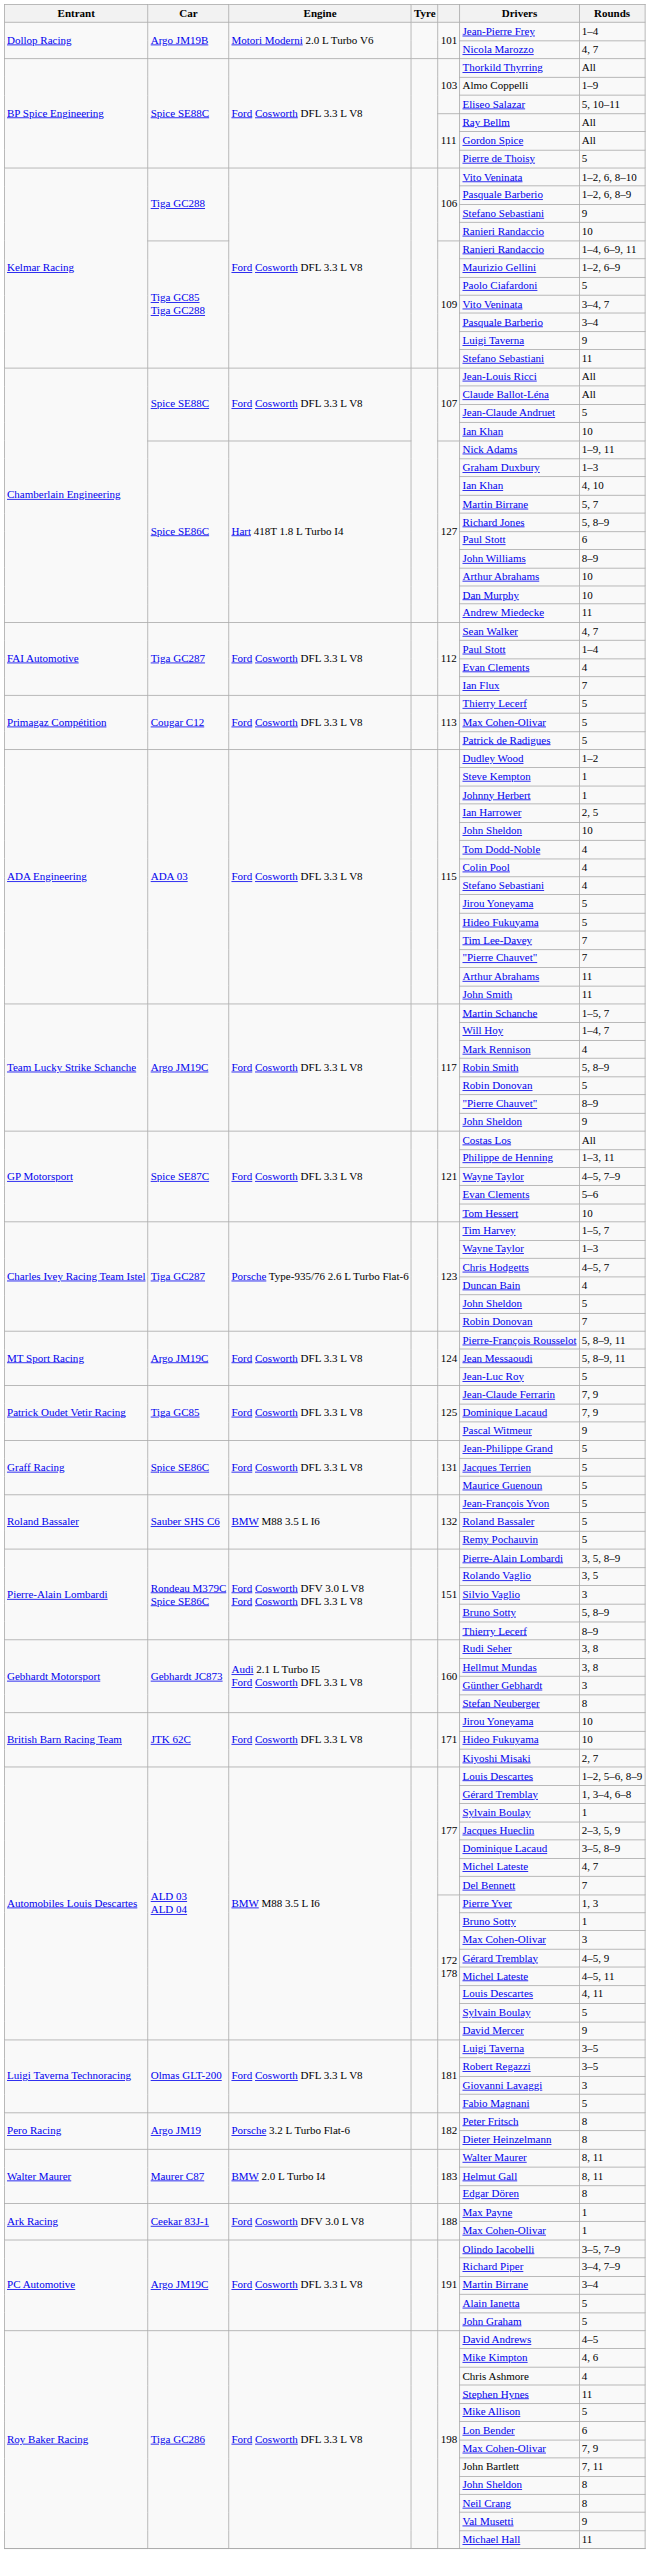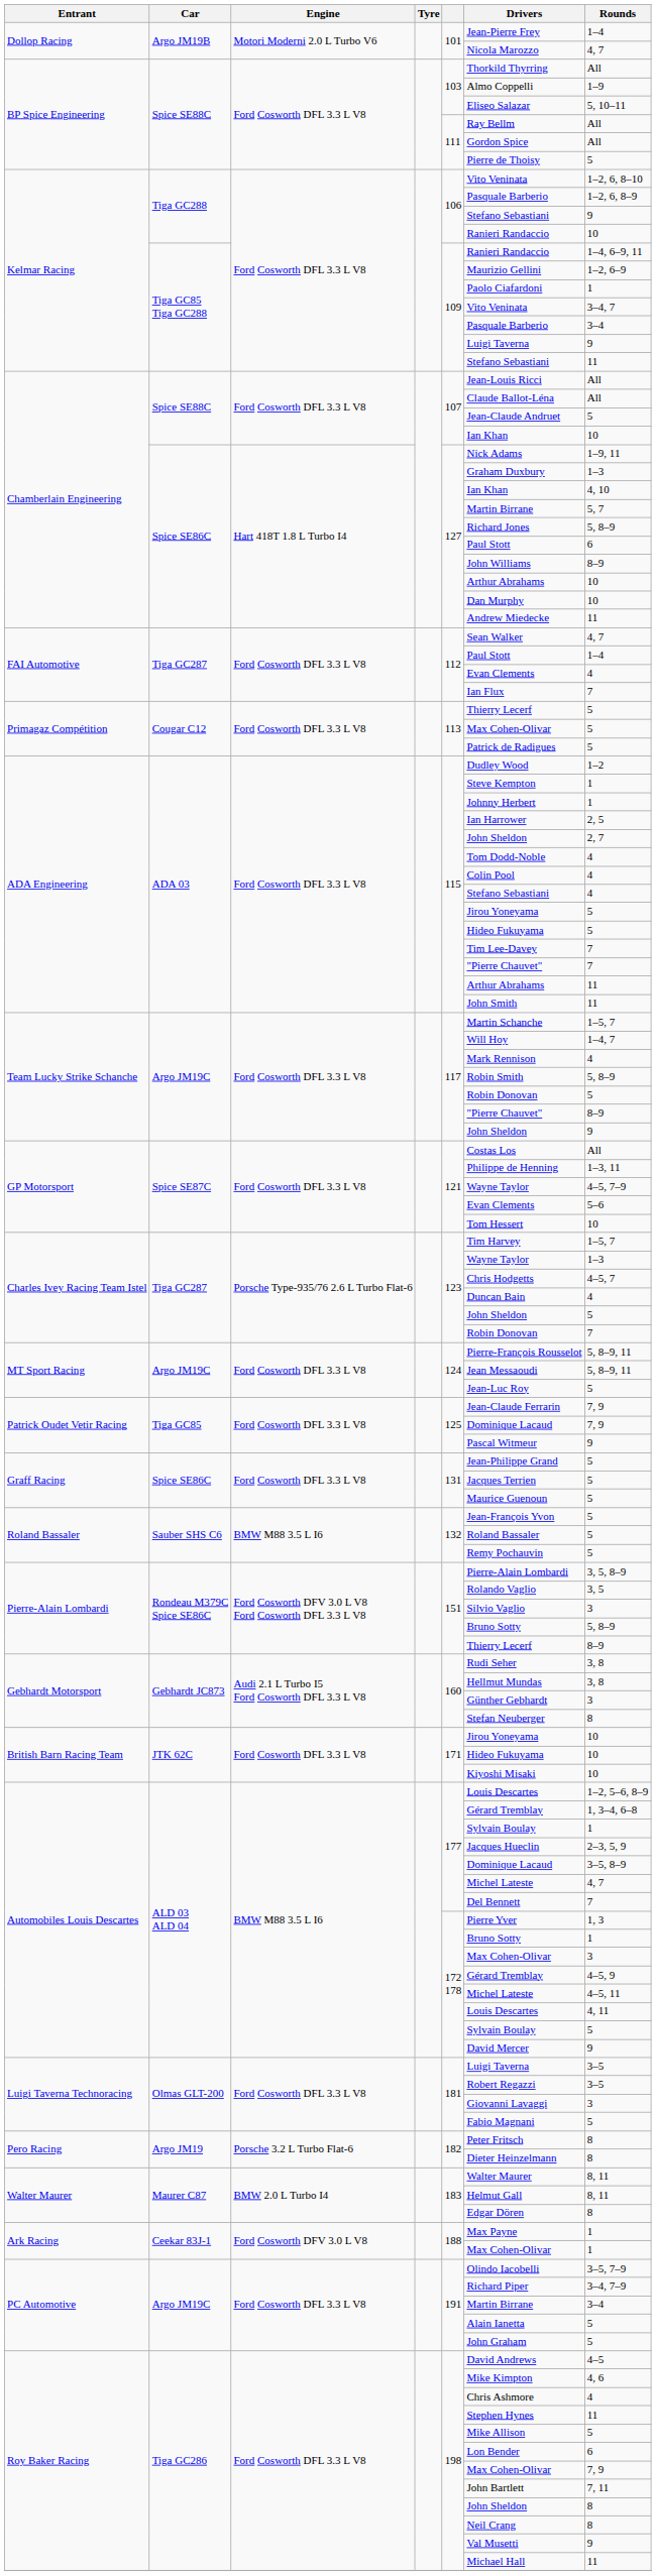 <table class="wikitable" style="font-size: 85%">
 <tr>
 <th>Entrant</th>
 <th>Car</th>
 <th>Engine</th>
 <th>Tyre</th>
 <th></th>
 <th>Drivers</th>
 <th>Rounds</th>
 </tr>
 <tr>
 <td rowspan=2> <a href='#'>Dollop Racing</a></td>
 <td rowspan=2><a href='#'>Argo JM19B</a></td>
 <td rowspan=2><a href='#'>Motori Moderni</a> 2.0 L Turbo V6</td>
 <td rowspan=2></td>
 <td rowspan=2>101</td>
 <td> <a href='#'>Jean-Pierre Frey</a></td>
 <td>1–4</td>
 </tr>
 <tr>
 <td> <a href='#'>Nicola Marozzo</a></td>
 <td>4, 7</td>
 </tr>
 <tr>
 <td rowspan=6> <a href='#'>BP Spice Engineering</a></td>
 <td rowspan=6><a href='#'>Spice SE88C</a></td>
 <td rowspan=6><a href='#'>Ford</a> <a href='#'>Cosworth</a> DFL 3.3 L V8</td>
 <td rowspan=6><br></td>
 <td rowspan=3>103</td>
 <td> <a href='#'>Thorkild Thyrring</a></td>
 <td>All</td>
 </tr>
 <tr>
 <td> Almo Coppelli</td>
 <td>1–9</td>
 </tr>
 <tr>
 <td> <a href='#'>Eliseo Salazar</a></td>
 <td>5, 10–11</td>
 </tr>
 <tr>
 <td rowspan=3>111</td>
 <td> <a href='#'>Ray Bellm</a></td>
 <td>All</td>
 </tr>
 <tr>
 <td> <a href='#'>Gordon Spice</a></td>
 <td>All</td>
 </tr>
 <tr>
 <td> <a href='#'>Pierre de Thoisy</a></td>
 <td>5</td>
 </tr>
 <tr>
 <td rowspan=11> <a href='#'>Kelmar Racing</a></td>
 <td rowspan=4><a href='#'>Tiga GC288</a></td>
 <td rowspan=11><a href='#'>Ford</a> <a href='#'>Cosworth</a> DFL 3.3 L V8</td>
 <td rowspan=11><br></td>
 <td rowspan=4>106</td>
 <td> <a href='#'>Vito Veninata</a></td>
 <td>1–2, 6, 8–10</td>
 </tr>
 <tr>
 <td> <a href='#'>Pasquale Barberio</a></td>
 <td>1–2, 6, 8–9</td>
 </tr>
 <tr>
 <td> <a href='#'>Stefano Sebastiani</a></td>
 <td>9</td>
 </tr>
 <tr>
 <td> <a href='#'>Ranieri Randaccio</a></td>
 <td>10</td>
 </tr>
 <tr>
 <td rowspan=7><a href='#'>Tiga GC85</a><br><a href='#'>Tiga GC288</a></td>
 <td rowspan=7>109</td>
 <td> <a href='#'>Ranieri Randaccio</a></td>
 <td>1–4, 6–9, 11</td>
 </tr>
 <tr>
 <td> <a href='#'>Maurizio Gellini</a></td>
 <td>1–2, 6–9</td>
 </tr>
 <tr>
 <td> <a href='#'>Paolo Ciafardoni</a></td>
-<td>5</td>
+<td>1</td>
 </tr>
 <tr>
 <td> <a href='#'>Vito Veninata</a></td>
 <td>3–4, 7</td>
 </tr>
 <tr>
 <td> <a href='#'>Pasquale Barberio</a></td>
 <td>3–4</td>
 </tr>
 <tr>
 <td> <a href='#'>Luigi Taverna</a></td>
 <td>9</td>
 </tr>
 <tr>
 <td> <a href='#'>Stefano Sebastiani</a></td>
 <td>11</td>
 </tr>
 <tr>
 <td rowspan=14> <a href='#'>Chamberlain Engineering</a></td>
 <td rowspan=4><a href='#'>Spice SE88C</a></td>
 <td rowspan=4><a href='#'>Ford</a> <a href='#'>Cosworth</a> DFL 3.3 L V8</td>
 <td rowspan=14><br></td>
 <td rowspan=4>107</td>
 <td> <a href='#'>Jean-Louis Ricci</a></td>
 <td>All</td>
 </tr>
 <tr>
 <td> <a href='#'>Claude Ballot-Léna</a></td>
 <td>All</td>
 </tr>
 <tr>
 <td> <a href='#'>Jean-Claude Andruet</a></td>
 <td>5</td>
 </tr>
 <tr>
 <td> <a href='#'>Ian Khan</a></td>
 <td>10</td>
 </tr>
 <tr>
 <td rowspan=10><a href='#'>Spice SE86C</a></td>
 <td rowspan=10><a href='#'>Hart</a> 418T 1.8 L Turbo I4</td>
 <td rowspan=10>127</td>
 <td> <a href='#'>Nick Adams</a></td>
 <td>1–9, 11</td>
 </tr>
 <tr>
 <td> <a href='#'>Graham Duxbury</a></td>
 <td>1–3</td>
 </tr>
 <tr>
 <td> <a href='#'>Ian Khan</a></td>
 <td>4, 10</td>
 </tr>
 <tr>
 <td> <a href='#'>Martin Birrane</a></td>
 <td>5, 7</td>
 </tr>
 <tr>
 <td> <a href='#'>Richard Jones</a></td>
 <td>5, 8–9</td>
 </tr>
 <tr>
 <td> <a href='#'>Paul Stott</a></td>
 <td>6</td>
 </tr>
 <tr>
 <td> <a href='#'>John Williams</a></td>
 <td>8–9</td>
 </tr>
 <tr>
 <td> <a href='#'>Arthur Abrahams</a></td>
 <td>10</td>
 </tr>
 <tr>
 <td> <a href='#'>Dan Murphy</a></td>
 <td>10</td>
 </tr>
 <tr>
 <td> <a href='#'>Andrew Miedecke</a></td>
 <td>11</td>
 </tr>
 <tr>
 <td rowspan=4> <a href='#'>FAI Automotive</a></td>
 <td rowspan=4><a href='#'>Tiga GC287</a></td>
 <td rowspan=4><a href='#'>Ford</a> <a href='#'>Cosworth</a> DFL 3.3 L V8</td>
 <td rowspan=4><br></td>
 <td rowspan=4>112</td>
 <td> <a href='#'>Sean Walker</a></td>
 <td>4, 7</td>
 </tr>
 <tr>
 <td> <a href='#'>Paul Stott</a></td>
 <td>1–4</td>
 </tr>
 <tr>
 <td> <a href='#'>Evan Clements</a></td>
 <td>4</td>
 </tr>
 <tr>
 <td> <a href='#'>Ian Flux</a></td>
 <td>7</td>
 </tr>
 <tr>
 <td rowspan=3> <a href='#'>Primagaz Compétition</a></td>
 <td rowspan=3><a href='#'>Cougar C12</a></td>
 <td rowspan=3><a href='#'>Ford</a> <a href='#'>Cosworth</a> DFL 3.3 L V8</td>
 <td rowspan=3></td>
 <td rowspan=3>113</td>
 <td> <a href='#'>Thierry Lecerf</a></td>
 <td>5</td>
 </tr>
 <tr>
 <td> <a href='#'>Max Cohen-Olivar</a></td>
 <td>5</td>
 </tr>
 <tr>
 <td> <a href='#'>Patrick de Radigues</a></td>
 <td>5</td>
 </tr>
 <tr>
 <td rowspan=14> <a href='#'>ADA Engineering</a></td>
 <td rowspan=14><a href='#'>ADA 03</a></td>
 <td rowspan=14><a href='#'>Ford</a> <a href='#'>Cosworth</a> DFL 3.3 L V8</td>
 <td rowspan=14></td>
 <td rowspan=14>115</td>
 <td> <a href='#'>Dudley Wood</a></td>
 <td>1–2</td>
 </tr>
 <tr>
 <td> <a href='#'>Steve Kempton</a></td>
 <td>1</td>
 </tr>
 <tr>
 <td> <a href='#'>Johnny Herbert</a></td>
 <td>1</td>
 </tr>
 <tr>
 <td> <a href='#'>Ian Harrower</a></td>
 <td>2, 5</td>
 </tr>
 <tr>
 <td> <a href='#'>John Sheldon</a></td>
-<td>10</td>
+<td>2, 7</td>
 </tr>
 <tr>
 <td> <a href='#'>Tom Dodd-Noble</a></td>
 <td>4</td>
 </tr>
 <tr>
 <td> <a href='#'>Colin Pool</a></td>
 <td>4</td>
 </tr>
 <tr>
 <td> <a href='#'>Stefano Sebastiani</a></td>
 <td>4</td>
 </tr>
 <tr>
 <td> <a href='#'>Jirou Yoneyama</a></td>
 <td>5</td>
 </tr>
 <tr>
 <td> <a href='#'>Hideo Fukuyama</a></td>
 <td>5</td>
 </tr>
 <tr>
 <td> <a href='#'>Tim Lee-Davey</a></td>
 <td>7</td>
 </tr>
 <tr>
 <td> <a href='#'>"Pierre Chauvet"</a></td>
 <td>7</td>
 </tr>
 <tr>
 <td> <a href='#'>Arthur Abrahams</a></td>
 <td>11</td>
 </tr>
 <tr>
 <td> <a href='#'>John Smith</a></td>
 <td>11</td>
 </tr>
 <tr>
 <td rowspan=7> <a href='#'>Team Lucky Strike Schanche</a></td>
 <td rowspan=7><a href='#'>Argo JM19C</a></td>
 <td rowspan=7><a href='#'>Ford</a> <a href='#'>Cosworth</a> DFL 3.3 L V8</td>
 <td rowspan=7></td>
 <td rowspan=7>117</td>
 <td> <a href='#'>Martin Schanche</a></td>
 <td>1–5, 7</td>
 </tr>
 <tr>
 <td> <a href='#'>Will Hoy</a></td>
 <td>1–4, 7</td>
 </tr>
 <tr>
 <td> <a href='#'>Mark Rennison</a></td>
 <td>4</td>
 </tr>
 <tr>
 <td> <a href='#'>Robin Smith</a></td>
 <td>5, 8–9</td>
 </tr>
 <tr>
 <td> <a href='#'>Robin Donovan</a></td>
 <td>5</td>
 </tr>
 <tr>
 <td> <a href='#'>"Pierre Chauvet"</a></td>
 <td>8–9</td>
 </tr>
 <tr>
 <td> <a href='#'>John Sheldon</a></td>
 <td>9</td>
 </tr>
 <tr>
 <td rowspan=5> <a href='#'>GP Motorsport</a></td>
 <td rowspan=5><a href='#'>Spice SE87C</a></td>
 <td rowspan=5><a href='#'>Ford</a> <a href='#'>Cosworth</a> DFL 3.3 L V8</td>
 <td rowspan=5></td>
 <td rowspan=5>121</td>
 <td> <a href='#'>Costas Los</a></td>
 <td>All</td>
 </tr>
 <tr>
 <td> <a href='#'>Philippe de Henning</a></td>
 <td>1–3, 11</td>
 </tr>
 <tr>
 <td> <a href='#'>Wayne Taylor</a></td>
 <td>4–5, 7–9</td>
 </tr>
 <tr>
 <td> <a href='#'>Evan Clements</a></td>
 <td>5–6</td>
 </tr>
 <tr>
 <td> <a href='#'>Tom Hessert</a></td>
 <td>10</td>
 </tr>
 <tr>
 <td rowspan=6> <a href='#'>Charles Ivey Racing Team Istel</a></td>
 <td rowspan=6><a href='#'>Tiga GC287</a></td>
 <td rowspan=6><a href='#'>Porsche</a> Type-935/76 2.6 L Turbo Flat-6</td>
 <td rowspan=6><br></td>
 <td rowspan=6>123</td>
 <td> <a href='#'>Tim Harvey</a></td>
 <td>1–5, 7</td>
 </tr>
 <tr>
 <td> <a href='#'>Wayne Taylor</a></td>
 <td>1–3</td>
 </tr>
 <tr>
 <td> <a href='#'>Chris Hodgetts</a></td>
 <td>4–5, 7</td>
 </tr>
 <tr>
 <td> <a href='#'>Duncan Bain</a></td>
 <td>4</td>
 </tr>
 <tr>
 <td> <a href='#'>John Sheldon</a></td>
 <td>5</td>
 </tr>
 <tr>
 <td> <a href='#'>Robin Donovan</a></td>
 <td>7</td>
 </tr>
 <tr>
 <td rowspan=3> <a href='#'>MT Sport Racing</a></td>
 <td rowspan=3><a href='#'>Argo JM19C</a></td>
 <td rowspan=3><a href='#'>Ford</a> <a href='#'>Cosworth</a> DFL 3.3 L V8</td>
 <td rowspan=3></td>
 <td rowspan=3>124</td>
 <td> <a href='#'>Pierre-François Rousselot</a></td>
 <td>5, 8–9, 11</td>
 </tr>
 <tr>
 <td> <a href='#'>Jean Messaoudi</a></td>
 <td>5, 8–9, 11</td>
 </tr>
 <tr>
 <td> <a href='#'>Jean-Luc Roy</a></td>
 <td>5</td>
 </tr>
 <tr>
 <td rowspan=3> <a href='#'>Patrick Oudet Vetir Racing</a></td>
 <td rowspan=3><a href='#'>Tiga GC85</a></td>
 <td rowspan=3><a href='#'>Ford</a> <a href='#'>Cosworth</a> DFL 3.3 L V8</td>
 <td rowspan=3></td>
 <td rowspan=3>125</td>
 <td> <a href='#'>Jean-Claude Ferrarin</a></td>
 <td>7, 9</td>
 </tr>
 <tr>
 <td> <a href='#'>Dominique Lacaud</a></td>
 <td>7, 9</td>
 </tr>
 <tr>
 <td> <a href='#'>Pascal Witmeur</a></td>
 <td>9</td>
 </tr>
 <tr>
 <td rowspan=3> <a href='#'>Graff Racing</a></td>
 <td rowspan=3><a href='#'>Spice SE86C</a></td>
 <td rowspan=3><a href='#'>Ford</a> <a href='#'>Cosworth</a> DFL 3.3 L V8</td>
 <td rowspan=3></td>
 <td rowspan=3>131</td>
 <td> <a href='#'>Jean-Philippe Grand</a></td>
 <td>5</td>
 </tr>
 <tr>
 <td> <a href='#'>Jacques Terrien</a></td>
 <td>5</td>
 </tr>
 <tr>
 <td> <a href='#'>Maurice Guenoun</a></td>
 <td>5</td>
 </tr>
 <tr>
 <td rowspan=3> <a href='#'>Roland Bassaler</a></td>
 <td rowspan=3><a href='#'>Sauber SHS C6</a></td>
 <td rowspan=3><a href='#'>BMW</a> M88 3.5 L I6</td>
 <td rowspan=3></td>
 <td rowspan=3>132</td>
 <td> <a href='#'>Jean-François Yvon</a></td>
 <td>5</td>
 </tr>
 <tr>
 <td> <a href='#'>Roland Bassaler</a></td>
 <td>5</td>
 </tr>
 <tr>
 <td> <a href='#'>Remy Pochauvin</a></td>
 <td>5</td>
 </tr>
 <tr>
 <td rowspan=5> <a href='#'>Pierre-Alain Lombardi</a></td>
 <td rowspan=5><a href='#'>Rondeau M379C</a><br><a href='#'>Spice SE86C</a></td>
 <td rowspan=5><a href='#'>Ford</a> <a href='#'>Cosworth</a> DFV 3.0 L V8<br><a href='#'>Ford</a> <a href='#'>Cosworth</a> DFL 3.3 L V8</td>
 <td rowspan=5></td>
 <td rowspan=5>151</td>
 <td> <a href='#'>Pierre-Alain Lombardi</a></td>
 <td>3, 5, 8–9</td>
 </tr>
 <tr>
 <td> <a href='#'>Rolando Vaglio</a></td>
 <td>3, 5</td>
 </tr>
 <tr>
 <td> <a href='#'>Silvio Vaglio</a></td>
 <td>3</td>
 </tr>
 <tr>
 <td> <a href='#'>Bruno Sotty</a></td>
 <td>5, 8–9</td>
 </tr>
 <tr>
 <td> <a href='#'>Thierry Lecerf</a></td>
 <td>8–9</td>
 </tr>
 <tr>
 <td rowspan=4> <a href='#'>Gebhardt Motorsport</a></td>
 <td rowspan=4><a href='#'>Gebhardt JC873</a></td>
 <td rowspan=4><a href='#'>Audi</a> 2.1 L Turbo I5<br><a href='#'>Ford</a> <a href='#'>Cosworth</a> DFL 3.3 L V8</td>
 <td rowspan=4></td>
 <td rowspan=4>160</td>
 <td> <a href='#'>Rudi Seher</a></td>
 <td>3, 8</td>
 </tr>
 <tr>
 <td> <a href='#'>Hellmut Mundas</a></td>
 <td>3, 8</td>
 </tr>
 <tr>
 <td> <a href='#'>Günther Gebhardt</a></td>
 <td>3</td>
 </tr>
 <tr>
 <td> <a href='#'>Stefan Neuberger</a></td>
 <td>8</td>
 </tr>
 <tr>
 <td rowspan=3> <a href='#'>British Barn Racing Team</a></td>
 <td rowspan=3><a href='#'>JTK 62C</a></td>
 <td rowspan=3><a href='#'>Ford</a> <a href='#'>Cosworth</a> DFL 3.3 L V8</td>
 <td rowspan=3></td>
 <td rowspan=3>171</td>
 <td> <a href='#'>Jirou Yoneyama</a></td>
 <td>10</td>
 </tr>
 <tr>
 <td> <a href='#'>Hideo Fukuyama</a></td>
 <td>10</td>
 </tr>
 <tr>
 <td> <a href='#'>Kiyoshi Misaki</a></td>
-<td>2, 7</td>
+<td>10</td>
 </tr>
 <tr>
 <td rowspan=15> <a href='#'>Automobiles Louis Descartes</a></td>
 <td rowspan=15><a href='#'>ALD 03</a><br><a href='#'>ALD 04</a></td>
 <td rowspan=15><a href='#'>BMW</a> M88 3.5 L I6</td>
 <td rowspan=15></td>
 <td rowspan=7>177</td>
 <td> <a href='#'>Louis Descartes</a></td>
 <td>1–2, 5–6, 8–9</td>
 </tr>
 <tr>
 <td> <a href='#'>Gérard Tremblay</a></td>
 <td>1, 3–4, 6–8</td>
 </tr>
 <tr>
 <td> <a href='#'>Sylvain Boulay</a></td>
 <td>1</td>
 </tr>
 <tr>
 <td> <a href='#'>Jacques Hueclin</a></td>
 <td>2–3, 5, 9</td>
 </tr>
 <tr>
 <td> <a href='#'>Dominique Lacaud</a></td>
 <td>3–5, 8–9</td>
 </tr>
 <tr>
 <td> <a href='#'>Michel Lateste</a></td>
 <td>4, 7</td>
 </tr>
 <tr>
 <td> <a href='#'>Del Bennett</a></td>
 <td>7</td>
 </tr>
 <tr>
 <td rowspan=8>172<br>178</td>
 <td> <a href='#'>Pierre Yver</a></td>
 <td>1, 3</td>
 </tr>
 <tr>
 <td> <a href='#'>Bruno Sotty</a></td>
 <td>1</td>
 </tr>
 <tr>
 <td> <a href='#'>Max Cohen-Olivar</a></td>
 <td>3</td>
 </tr>
 <tr>
 <td> <a href='#'>Gérard Tremblay</a></td>
 <td>4–5, 9</td>
 </tr>
 <tr>
 <td> <a href='#'>Michel Lateste</a></td>
 <td>4–5, 11</td>
 </tr>
 <tr>
 <td> <a href='#'>Louis Descartes</a></td>
 <td>4, 11</td>
 </tr>
 <tr>
 <td> <a href='#'>Sylvain Boulay</a></td>
 <td>5</td>
 </tr>
 <tr>
 <td> <a href='#'>David Mercer</a></td>
 <td>9</td>
 </tr>
 <tr>
 <td rowspan=4> <a href='#'>Luigi Taverna Technoracing</a></td>
 <td rowspan=4><a href='#'>Olmas GLT-200</a></td>
 <td rowspan=4><a href='#'>Ford</a> <a href='#'>Cosworth</a> DFL 3.3 L V8</td>
 <td rowspan=4></td>
 <td rowspan=4>181</td>
 <td> <a href='#'>Luigi Taverna</a></td>
 <td>3–5</td>
 </tr>
 <tr>
 <td> <a href='#'>Robert Regazzi</a></td>
 <td>3–5</td>
 </tr>
 <tr>
 <td> <a href='#'>Giovanni Lavaggi</a></td>
 <td>3</td>
 </tr>
 <tr>
 <td> <a href='#'>Fabio Magnani</a></td>
 <td>5</td>
 </tr>
 <tr>
 <td rowspan=2> <a href='#'>Pero Racing</a></td>
 <td rowspan=2><a href='#'>Argo JM19</a></td>
 <td rowspan=2><a href='#'>Porsche</a> 3.2 L Turbo Flat-6</td>
 <td rowspan=2></td>
 <td rowspan=2>182</td>
 <td> <a href='#'>Peter Fritsch</a></td>
 <td>8</td>
 </tr>
 <tr>
 <td> <a href='#'>Dieter Heinzelmann</a></td>
 <td>8</td>
 </tr>
 <tr>
 <td rowspan=3> <a href='#'>Walter Maurer</a></td>
 <td rowspan=3><a href='#'>Maurer C87</a></td>
 <td rowspan=3><a href='#'>BMW</a> 2.0 L Turbo I4</td>
 <td rowspan=3></td>
 <td rowspan=3>183</td>
 <td> <a href='#'>Walter Maurer</a></td>
 <td>8, 11</td>
 </tr>
 <tr>
 <td> <a href='#'>Helmut Gall</a></td>
 <td>8, 11</td>
 </tr>
 <tr>
 <td> <a href='#'>Edgar Dören</a></td>
 <td>8</td>
 </tr>
 <tr>
 <td rowspan=2> <a href='#'>Ark Racing</a></td>
 <td rowspan=2><a href='#'>Ceekar 83J-1</a></td>
 <td rowspan=2><a href='#'>Ford</a> <a href='#'>Cosworth</a> DFV 3.0 L V8</td>
 <td rowspan=2></td>
 <td rowspan=2>188</td>
 <td> <a href='#'>Max Payne</a></td>
 <td>1</td>
 </tr>
 <tr>
 <td> <a href='#'>Max Cohen-Olivar</a></td>
 <td>1</td>
 </tr>
 <tr>
 <td rowspan=5> <a href='#'>PC Automotive</a></td>
 <td rowspan=5><a href='#'>Argo JM19C</a></td>
 <td rowspan=5><a href='#'>Ford</a> <a href='#'>Cosworth</a> DFL 3.3 L V8</td>
 <td rowspan=5></td>
 <td rowspan=5>191</td>
 <td> <a href='#'>Olindo Iacobelli</a></td>
 <td>3–5, 7–9</td>
 </tr>
 <tr>
 <td> <a href='#'>Richard Piper</a></td>
 <td>3–4, 7–9</td>
 </tr>
 <tr>
 <td> <a href='#'>Martin Birrane</a></td>
 <td>3–4</td>
 </tr>
 <tr>
 <td> <a href='#'>Alain Ianetta</a></td>
 <td>5</td>
 </tr>
 <tr>
 <td> <a href='#'>John Graham</a></td>
 <td>5</td>
 </tr>
 <tr>
 <td rowspan=12> <a href='#'>Roy Baker Racing</a></td>
 <td rowspan=12><a href='#'>Tiga GC286</a></td>
 <td rowspan=12><a href='#'>Ford</a> <a href='#'>Cosworth</a> DFL 3.3 L V8</td>
 <td rowspan=12><br></td>
 <td rowspan=12>198</td>
 <td> <a href='#'>David Andrews</a></td>
 <td>4–5</td>
 </tr>
 <tr>
 <td> <a href='#'>Mike Kimpton</a></td>
 <td>4, 6</td>
 </tr>
 <tr>
 <td> Chris Ashmore</td>
 <td>4</td>
 </tr>
 <tr>
 <td> <a href='#'>Stephen Hynes</a></td>
 <td>11</td>
 </tr>
 <tr>
 <td> <a href='#'>Mike Allison</a></td>
 <td>5</td>
 </tr>
 <tr>
 <td> <a href='#'>Lon Bender</a></td>
 <td>6</td>
 </tr>
 <tr>
 <td> <a href='#'>Max Cohen-Olivar</a></td>
 <td>7, 9</td>
 </tr>
 <tr>
 <td> John Bartlett</td>
 <td>7, 11</td>
 </tr>
 <tr>
 <td> <a href='#'>John Sheldon</a></td>
 <td>8</td>
 </tr>
 <tr>
 <td> <a href='#'>Neil Crang</a></td>
 <td>8</td>
 </tr>
 <tr>
 <td> <a href='#'>Val Musetti</a></td>
 <td>9</td>
 </tr>
 <tr>
 <td> <a href='#'>Michael Hall</a></td>
 <td>11</td>
 </tr>
 <tr>
 </tr>
 </table>
